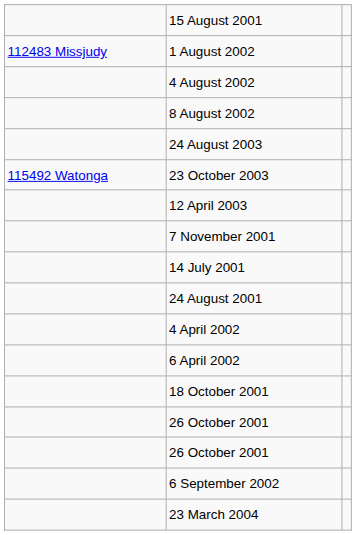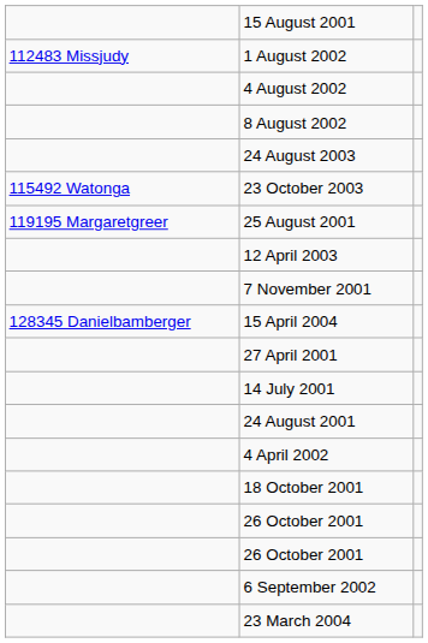 <table class="wikitable" style="font-size: 89%; float: left; width: 26em; margin-right: 1em; height: 560px;">
 <tr>
 <td></td>
 <td>15 August 2001</td>
 <td></td>
 </tr>
 <tr>
 <td><a href='#'>112483 Missjudy</a></td>
 <td>1 August 2002</td>
 <td></td>
 </tr>
 <tr>
 <td></td>
 <td>4 August 2002</td>
 <td></td>
 </tr>
 <tr>
 <td></td>
 <td>8 August 2002</td>
 <td></td>
 </tr>
 <tr>
 <td></td>
 <td>24 August 2003</td>
 <td></td>
 </tr>
 <tr>
 <td><a href='#'>115492 Watonga</a></td>
 <td>23 October 2003</td>
 <td></td>
 </tr>
 <tr>
+<td><a href='#'>119195 Margaretgreer</a></td>
+<td>25 August 2001</td>
+<td></td>
+</tr>
+<tr>
 <td></td>
 <td>12 April 2003</td>
 <td></td>
 </tr>
 <tr>
 <td></td>
 <td>7 November 2001</td>
+<td></td>
+</tr>
+<tr>
+<td><a href='#'>128345 Danielbamberger</a></td>
+<td>15 April 2004</td>
+<td></td>
+</tr>
+<tr>
+<td></td>
+<td>27 April 2001</td>
 <td></td>
 </tr>
 <tr>
 <td></td>
 <td>14 July 2001</td>
 <td></td>
 </tr>
 <tr>
 <td></td>
 <td>24 August 2001</td>
 <td></td>
 </tr>
 <tr>
 <td></td>
 <td>4 April 2002</td>
-<td></td>
-</tr>
-<tr>
-<td></td>
-<td>6 April 2002</td>
 <td></td>
 </tr>
 <tr>
 <td></td>
 <td>18 October 2001</td>
 <td></td>
 </tr>
 <tr>
 <td></td>
 <td>26 October 2001</td>
 <td></td>
 </tr>
 <tr>
 <td></td>
 <td>26 October 2001</td>
 <td></td>
 </tr>
 <tr>
 <td></td>
 <td>6 September 2002</td>
 <td></td>
 </tr>
 <tr>
 <td></td>
 <td>23 March 2004</td>
 <td></td>
 </tr>
 </table>
